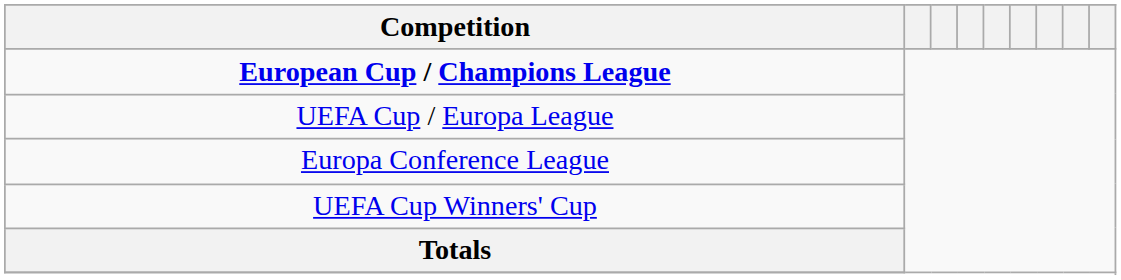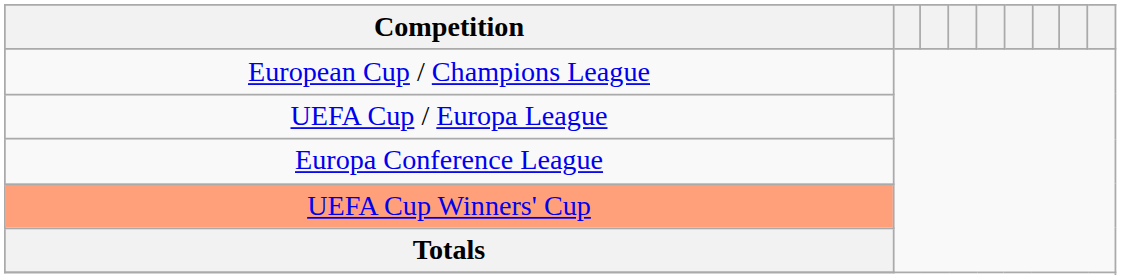 <table class="wikitable unsortable" style="text-align:center" width="50%">
 <tr>
 <th>Competition</th>
 <th></th>
 <th></th>
 <th></th>
 <th></th>
 <th></th>
 <th></th>
 <th></th>
 <th></th>
 </tr>
 <tr>
-<td><strong><a href='#'>European Cup</a> / <a href='#'>Champions League</a><br></strong></td>
+<td><a href='#'>European Cup</a> / <a href='#'>Champions League</a><br></td>
 </tr>
 <tr>
 <td><a href='#'>UEFA Cup</a> / <a href='#'>Europa League</a><br></td>
 </tr>
 <tr>
 <td><a href='#'>Europa Conference League</a><br></td>
 </tr>
 <tr>
-<td><a href='#'>UEFA Cup Winners' Cup</a><br></td>
+<td style="background: lightsalmon;"><a href='#'>UEFA Cup Winners' Cup</a><br></td>
 </tr>
 <tr>
 <th>Totals<br></th>
 </tr>
 <tr>
 </tr>
 </table>
